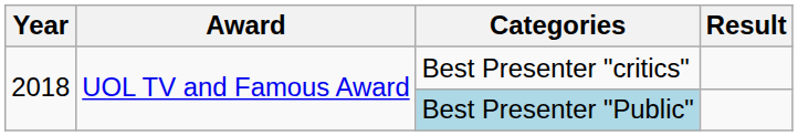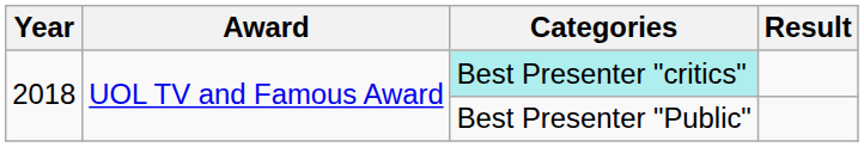 <table class="wikitable">
 <tr>
 <th>Year</th>
 <th>Award</th>
 <th>Categories</th>
 <th>Result</th>
 </tr>
 <tr>
 <td rowspan="2">2018</td>
 <td rowspan="2"><a href='#'>UOL TV and Famous Award</a></td>
-<td>Best Presenter "critics"</td>
+<td style="background: paleturquoise;">Best Presenter "critics"</td>
 <td></td>
 </tr>
 <tr>
-<td style="background: lightblue;">Best Presenter "Public"</td>
+<td>Best Presenter "Public"</td>
 <td></td>
 </tr>
 </table>
